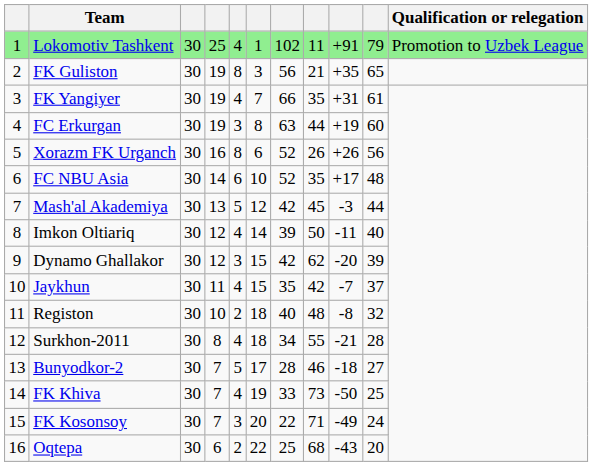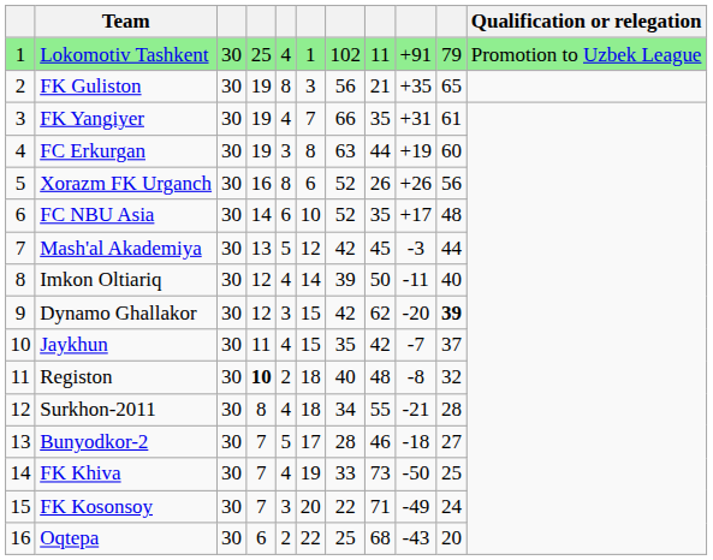 <table class="wikitable sortable" style="text-align:center; font-size:100%;">
 <tr>
 <th></th>
 <th>Team</th>
 <th></th>
 <th></th>
 <th></th>
 <th></th>
 <th></th>
 <th></th>
 <th></th>
 <th></th>
 <th>Qualification or relegation</th>
 </tr>
 <tr align="center" bgcolor="#90EE90">
 <td>1</td>
 <td align="left"><a href='#'>Lokomotiv Tashkent</a></td>
 <td>30</td>
 <td>25</td>
 <td>4</td>
 <td>1</td>
 <td>102</td>
 <td>11</td>
 <td>+91</td>
 <td>79</td>
 <td>Promotion to <a href='#'>Uzbek League</a></td>
 </tr>
 <tr align="center" bgcolor=>
 <td>2</td>
 <td align="left"><a href='#'>FK Guliston</a></td>
 <td>30</td>
 <td>19</td>
 <td>8</td>
 <td>3</td>
 <td>56</td>
 <td>21</td>
 <td>+35</td>
 <td>65</td>
 <td></td>
 </tr>
 <tr align="center" bgcolor=>
 <td>3</td>
 <td align="left"><a href='#'>FK Yangiyer</a></td>
 <td>30</td>
 <td>19</td>
 <td>4</td>
 <td>7</td>
 <td>66</td>
 <td>35</td>
 <td>+31</td>
 <td>61</td>
 </tr>
 <tr align="center" bgcolor=>
 <td>4</td>
 <td align="left"><a href='#'>FC Erkurgan</a></td>
 <td>30</td>
 <td>19</td>
 <td>3</td>
 <td>8</td>
 <td>63</td>
 <td>44</td>
 <td>+19</td>
 <td>60</td>
 </tr>
 <tr align="center" bgcolor=>
 <td>5</td>
 <td align="left"><a href='#'>Xorazm FK Urganch</a></td>
 <td>30</td>
 <td>16</td>
 <td>8</td>
 <td>6</td>
 <td>52</td>
 <td>26</td>
 <td>+26</td>
 <td>56</td>
 </tr>
 <tr align="center" bgcolor=>
 <td>6</td>
 <td align="left"><a href='#'>FC NBU Asia</a></td>
 <td>30</td>
 <td>14</td>
 <td>6</td>
 <td>10</td>
 <td>52</td>
 <td>35</td>
 <td>+17</td>
 <td>48</td>
 </tr>
 <tr align="center" bgcolor=>
 <td>7</td>
 <td align="left"><a href='#'>Mash'al Akademiya</a></td>
 <td>30</td>
 <td>13</td>
 <td>5</td>
 <td>12</td>
 <td>42</td>
 <td>45</td>
 <td>-3</td>
 <td>44</td>
 </tr>
 <tr align="center" bgcolor=>
 <td>8</td>
 <td align="left">Imkon Oltiariq</td>
 <td>30</td>
 <td>12</td>
 <td>4</td>
 <td>14</td>
 <td>39</td>
 <td>50</td>
 <td>-11</td>
 <td>40</td>
 </tr>
 <tr align="center" bgcolor="">
 <td>9</td>
 <td align="left">Dynamo Ghallakor</td>
 <td>30</td>
 <td>12</td>
 <td>3</td>
 <td>15</td>
 <td>42</td>
 <td>62</td>
 <td>-20</td>
-<td>39</td>
+<td><strong>39</strong></td>
 </tr>
 <tr align="center" bgcolor="">
 <td>10</td>
 <td align="left"><a href='#'>Jaykhun</a></td>
 <td>30</td>
 <td>11</td>
 <td>4</td>
 <td>15</td>
 <td>35</td>
 <td>42</td>
 <td>-7</td>
 <td>37</td>
 </tr>
 <tr align="center" bgcolor="">
 <td>11</td>
 <td align="left">Registon</td>
 <td>30</td>
-<td>10</td>
+<td><strong>10</strong></td>
 <td>2</td>
 <td>18</td>
 <td>40</td>
 <td>48</td>
 <td>-8</td>
 <td>32</td>
 </tr>
 <tr align="center" bgcolor="">
 <td>12</td>
 <td align="left">Surkhon-2011</td>
 <td>30</td>
 <td>8</td>
 <td>4</td>
 <td>18</td>
 <td>34</td>
 <td>55</td>
 <td>-21</td>
 <td>28</td>
 </tr>
 <tr align="center" bgcolor="">
 <td>13</td>
 <td align="left"><a href='#'>Bunyodkor-2</a></td>
 <td>30</td>
 <td>7</td>
 <td>5</td>
 <td>17</td>
 <td>28</td>
 <td>46</td>
 <td>-18</td>
 <td>27</td>
 </tr>
 <tr align="center" bgcolor="">
 <td>14</td>
 <td align="left"><a href='#'>FK Khiva</a></td>
 <td>30</td>
 <td>7</td>
 <td>4</td>
 <td>19</td>
 <td>33</td>
 <td>73</td>
 <td>-50</td>
 <td>25</td>
 </tr>
 <tr align="center" bgcolor="">
 <td>15</td>
 <td align="left"><a href='#'>FK Kosonsoy</a></td>
 <td>30</td>
 <td>7</td>
 <td>3</td>
 <td>20</td>
 <td>22</td>
 <td>71</td>
 <td>-49</td>
 <td>24</td>
 </tr>
 <tr align="center" bgcolor="">
 <td>16</td>
 <td align="left"><a href='#'>Oqtepa</a></td>
 <td>30</td>
 <td>6</td>
 <td>2</td>
 <td>22</td>
 <td>25</td>
 <td>68</td>
 <td>-43</td>
 <td>20</td>
 </tr>
 </table>
